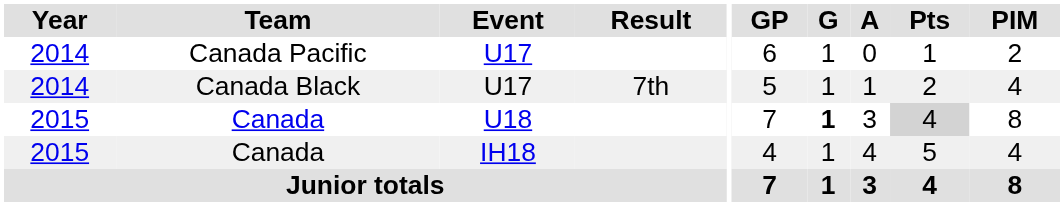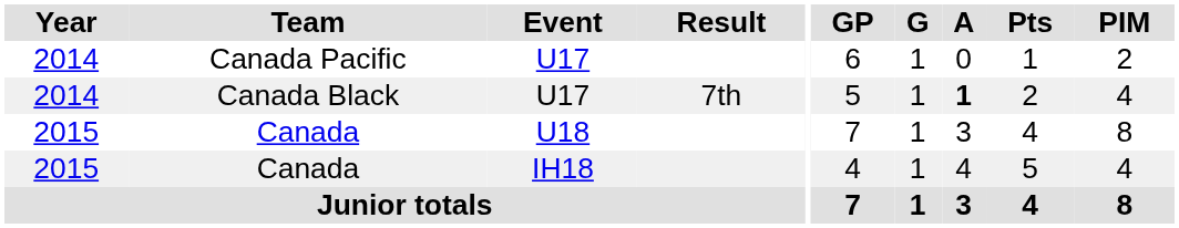 <table border="0" cellpadding="1" cellspacing="0" ID="Table3" style="text-align:center; width:40em">
 <tr ALIGN="center" bgcolor="#e0e0e0">
 <th>Year</th>
 <th>Team</th>
 <th>Event</th>
 <th>Result</th>
 <th rowspan="99" bgcolor="#ffffff"></th>
 <th>GP</th>
 <th>G</th>
 <th>A</th>
 <th>Pts</th>
 <th>PIM</th>
 </tr>
 <tr>
 <td><a href='#'>2014</a></td>
 <td>Canada Pacific</td>
 <td><a href='#'>U17</a></td>
 <td></td>
 <td>6</td>
 <td>1</td>
 <td>0</td>
 <td>1</td>
 <td>2</td>
 </tr>
 <tr bgcolor="#f0f0f0">
 <td><a href='#'>2014</a></td>
 <td>Canada Black</td>
 <td>U17</td>
 <td>7th</td>
 <td>5</td>
 <td>1</td>
-<td>1</td>
+<td><strong>1</strong></td>
 <td>2</td>
 <td>4</td>
 </tr>
 <tr ALIGN="centre">
 <td><a href='#'>2015</a></td>
 <td><a href='#'>Canada</a></td>
 <td><a href='#'>U18</a></td>
 <td></td>
 <td>7</td>
-<td><strong>1</strong></td>
+<td>1</td>
 <td>3</td>
-<td style="background: lightgrey;">4</td>
+<td>4</td>
 <td>8</td>
 </tr>
 <tr bgcolor="#f0f0f0">
 <td><a href='#'>2015</a></td>
 <td>Canada</td>
 <td><a href='#'>IH18</a></td>
 <td></td>
 <td>4</td>
 <td>1</td>
 <td>4</td>
 <td>5</td>
 <td>4</td>
 </tr>
 <tr bgcolor="#e0e0e0">
 <th colspan="4">Junior totals</th>
 <th>7</th>
 <th>1</th>
 <th>3</th>
 <th>4</th>
 <th>8</th>
 </tr>
 </table>
